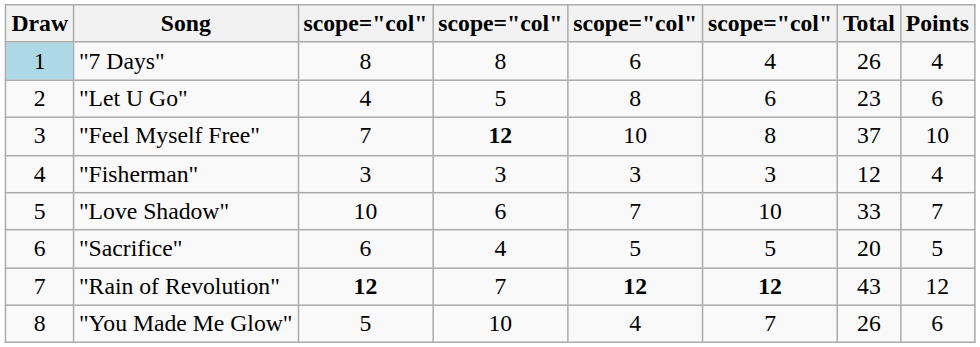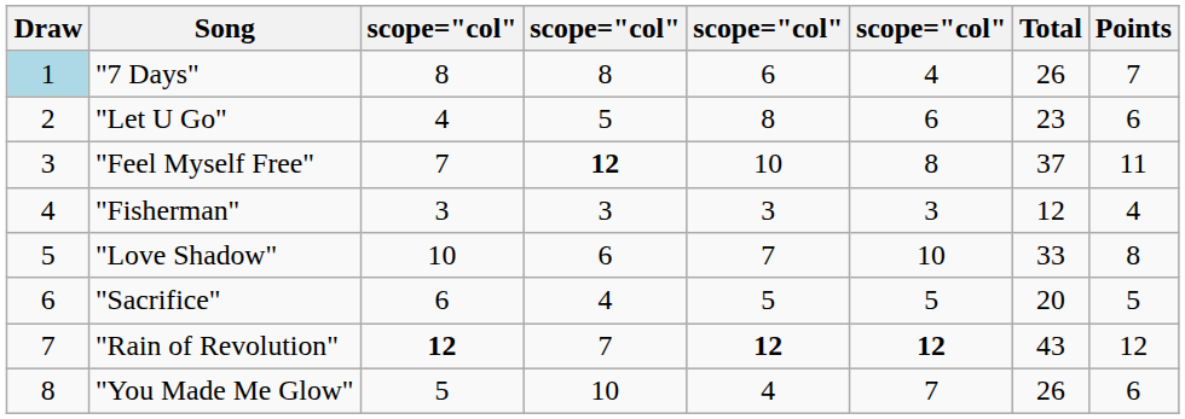 <table class="wikitable collapsible" style="margin: 1em auto 1em auto; text-align:center">
 <tr>
 <th>Draw</th>
 <th>Song</th>
 <th>scope="col" </th>
 <th>scope="col" </th>
 <th>scope="col" </th>
 <th>scope="col" </th>
 <th>Total</th>
 <th>Points</th>
 </tr>
 <tr>
 <td style="background: lightblue;">1</td>
 <td align="left">"7 Days"</td>
 <td>8</td>
 <td>8</td>
 <td>6</td>
 <td>4</td>
 <td>26</td>
-<td>4</td>
+<td>7</td>
 </tr>
 <tr>
 <td>2</td>
 <td align="left">"Let U Go"</td>
 <td>4</td>
 <td>5</td>
 <td>8</td>
 <td>6</td>
 <td>23</td>
 <td>6</td>
 </tr>
 <tr>
 <td>3</td>
 <td align="left">"Feel Myself Free"</td>
 <td>7</td>
 <td><strong>12</strong></td>
 <td>10</td>
 <td>8</td>
 <td>37</td>
-<td>10</td>
+<td>11</td>
 </tr>
 <tr>
 <td>4</td>
 <td align="left">"Fisherman"</td>
 <td>3</td>
 <td>3</td>
 <td>3</td>
 <td>3</td>
 <td>12</td>
 <td>4</td>
 </tr>
 <tr>
 <td>5</td>
 <td align="left">"Love Shadow"</td>
 <td>10</td>
 <td>6</td>
 <td>7</td>
 <td>10</td>
 <td>33</td>
-<td>7</td>
+<td>8</td>
 </tr>
 <tr>
 <td>6</td>
 <td align="left">"Sacrifice"</td>
 <td>6</td>
 <td>4</td>
 <td>5</td>
 <td>5</td>
 <td>20</td>
 <td>5</td>
 </tr>
 <tr>
 <td>7</td>
 <td align="left">"Rain of Revolution"</td>
 <td><strong>12</strong></td>
 <td>7</td>
 <td><strong>12</strong></td>
 <td><strong>12</strong></td>
 <td>43</td>
 <td>12</td>
 </tr>
 <tr>
 <td>8</td>
 <td align="left">"You Made Me Glow"</td>
 <td>5</td>
 <td>10</td>
 <td>4</td>
 <td>7</td>
 <td>26</td>
 <td>6</td>
 </tr>
 </table>
